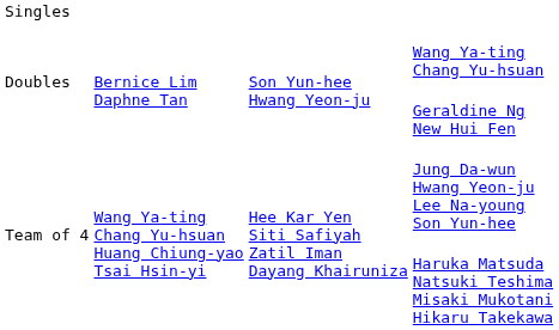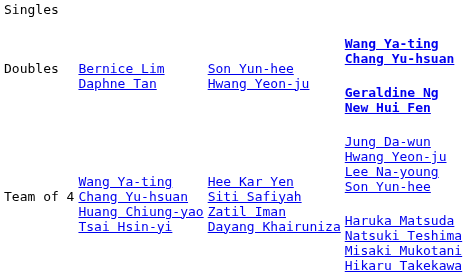 <table>
 <tr>
 <td rowspan=2>Singles</td>
 <td rowspan=2></td>
 <td rowspan=2></td>
 <td></td>
 </tr>
 <tr>
 <td></td>
 </tr>
 <tr>
 <td rowspan=2>Doubles</td>
 <td rowspan=2><br><a href='#'>Bernice Lim</a><br><a href='#'>Daphne Tan</a></td>
 <td rowspan=2><br><a href='#'>Son Yun-hee</a><br><a href='#'>Hwang Yeon-ju</a></td>
-<td><br><a href='#'>Wang Ya-ting</a><br><a href='#'>Chang Yu-hsuan</a></td>
+<td><strong><br><a href='#'>Wang Ya-ting</a><br><a href='#'>Chang Yu-hsuan</a></strong></td>
 </tr>
 <tr>
-<td><br><a href='#'>Geraldine Ng</a><br><a href='#'>New Hui Fen</a></td>
+<td><strong><br><a href='#'>Geraldine Ng</a><br><a href='#'>New Hui Fen</a></strong></td>
 </tr>
 <tr>
 <td rowspan=2>Team of 4</td>
 <td rowspan=2><br><a href='#'>Wang Ya-ting</a><br><a href='#'>Chang Yu-hsuan</a><br><a href='#'>Huang Chiung-yao</a><br><a href='#'>Tsai Hsin-yi</a></td>
 <td rowspan=2><br><a href='#'>Hee Kar Yen</a><br><a href='#'>Siti Safiyah</a><br><a href='#'>Zatil Iman</a><br><a href='#'>Dayang Khairuniza</a></td>
 <td><br><a href='#'>Jung Da-wun</a><br><a href='#'>Hwang Yeon-ju</a><br><a href='#'>Lee Na-young</a><br><a href='#'>Son Yun-hee</a></td>
 </tr>
 <tr>
 <td><br><a href='#'>Haruka Matsuda</a><br><a href='#'>Natsuki Teshima</a><br><a href='#'>Misaki Mukotani</a><br><a href='#'>Hikaru Takekawa</a></td>
 </tr>
 </table>
